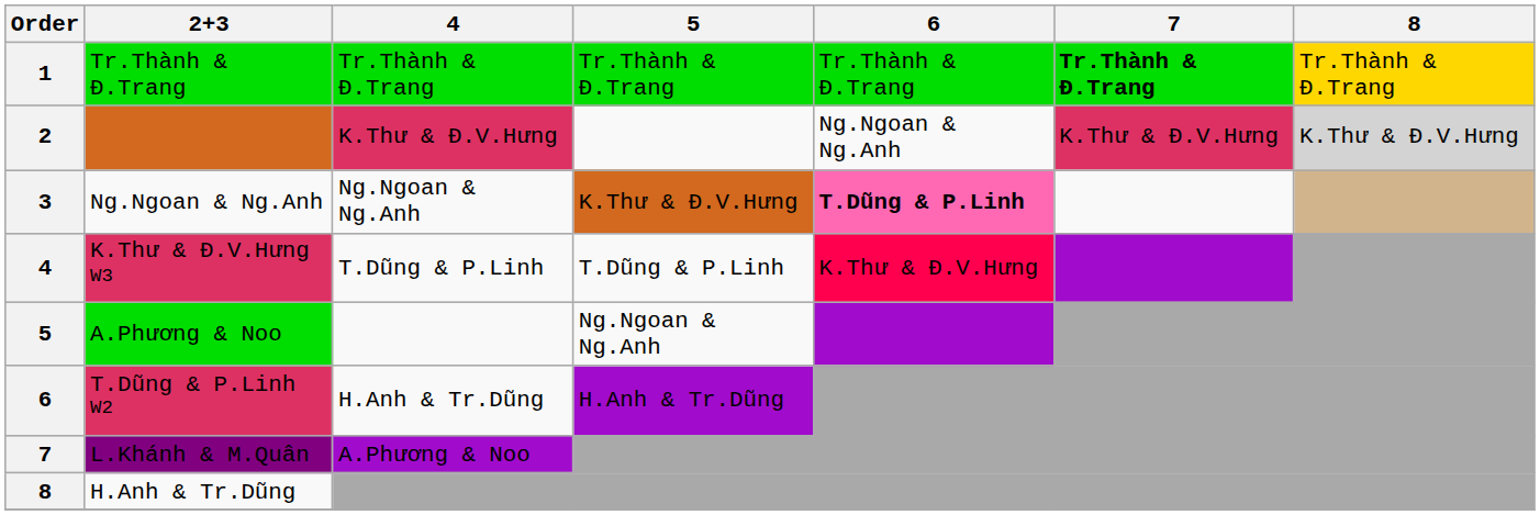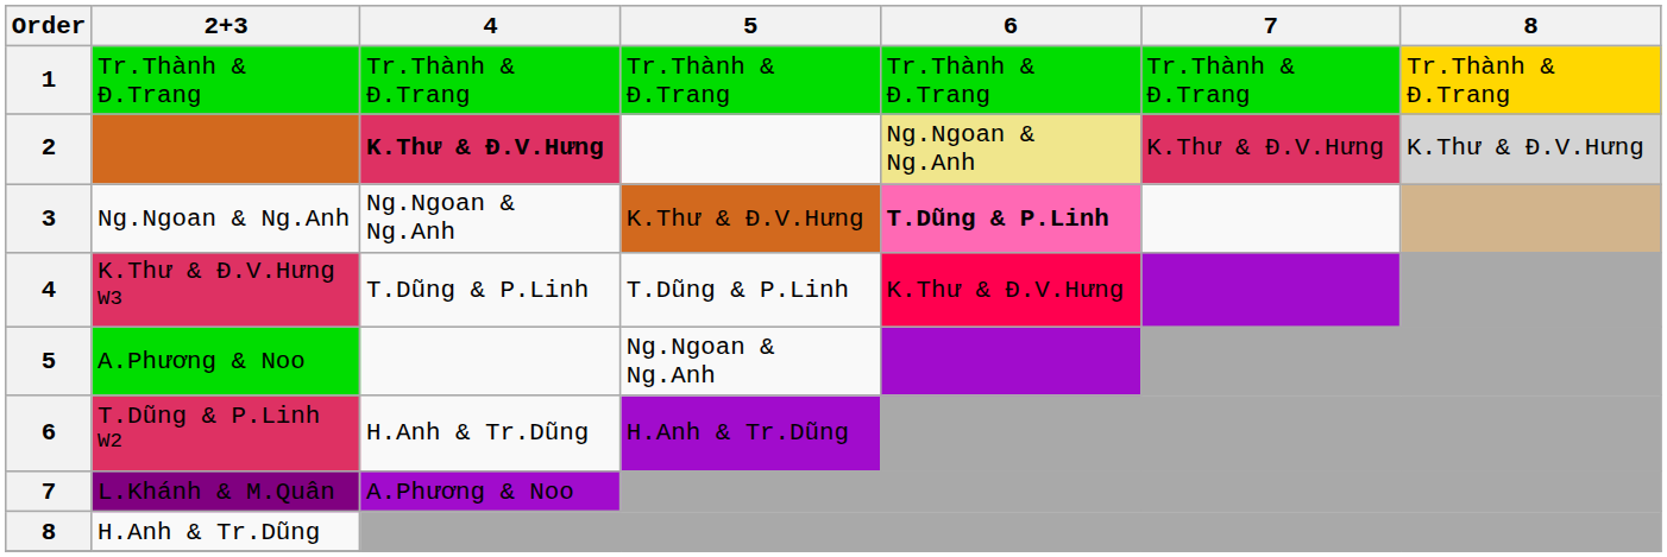 <table class="wikitable">
 <tr>
 <th>Order</th>
 <th>2+3</th>
 <th>4</th>
 <th>5</th>
 <th>6</th>
 <th>7</th>
 <th>8</th>
 </tr>
 <tr>
 <th>1</th>
 <td bgcolor="#00dd00">Tr.Thành & Đ.Trang</td>
 <td bgcolor="#00dd00">Tr.Thành & Đ.Trang</td>
 <td bgcolor="#00dd00">Tr.Thành & Đ.Trang</td>
 <td bgcolor="#00dd00">Tr.Thành & Đ.Trang</td>
-<td bgcolor="#00dd00"><strong>Tr.Thành & Đ.Trang</strong></td>
+<td bgcolor="#00dd00">Tr.Thành & Đ.Trang</td>
 <td bgcolor="gold">Tr.Thành & Đ.Trang</td>
 </tr>
 <tr>
 <th>2</th>
 <td bgcolor="chocolate"><span></span></td>
-<td bgcolor="#de3163"><span>K.Thư & Đ.V.Hưng</span></td>
+<td bgcolor="#de3163"><strong><span>K.Thư & Đ.V.Hưng</span></strong></td>
 <td></td>
-<td>Ng.Ngoan & Ng.Anh</td>
+<td style="background: khaki;">Ng.Ngoan & Ng.Anh</td>
 <td bgcolor="#de3163"><span>K.Thư & Đ.V.Hưng</span></td>
 <td bgcolor="lightgray">K.Thư & Đ.V.Hưng</td>
 </tr>
 <tr>
 <th>3</th>
 <td>Ng.Ngoan & Ng.Anh</td>
 <td>Ng.Ngoan & Ng.Anh</td>
 <td bgcolor="chocolate"><span>K.Thư & Đ.V.Hưng</span></td>
 <td bgcolor="hotpink"><strong>T.Dũng & P.Linh</strong></td>
 <td></td>
 <td bgcolor="tan"></td>
 </tr>
 <tr>
 <th>4</th>
 <td bgcolor="#de3163"><span>K.Thư & Đ.V.Hưng <sup>W3</sup></span></td>
 <td>T.Dũng & P.Linh</td>
 <td>T.Dũng & P.Linh</td>
 <td bgcolor="#FF004F"><span>K.Thư & Đ.V.Hưng</span></td>
 <td bgcolor="#a10ccc"><span></span></td>
 <td style="background:darkgray;" colspan="8"></td>
 </tr>
 <tr>
 <th>5</th>
 <td bgcolor="#00dd00">A.Phương & Noo</td>
 <td></td>
 <td>Ng.Ngoan & Ng.Anh</td>
 <td bgcolor="#a10ccc"><span></span></td>
 <td style="background:darkgray;" colspan="8"></td>
 </tr>
 <tr>
 <th>6</th>
 <td bgcolor="#de3163"><span>T.Dũng & P.Linh <sup>W2</sup></span></td>
 <td>H.Anh & Tr.Dũng</td>
 <td bgcolor="#a10ccc"><span>H.Anh & Tr.Dũng</span></td>
 <td style="background:darkgray;" colspan="8"></td>
 </tr>
 <tr>
 <th>7</th>
 <td bgcolor="purple"><span>L.Khánh & M.Quân</span></td>
 <td bgcolor="#a10ccc"><span>A.Phương & Noo</span></td>
 <td style="background:darkgray;" colspan="8"></td>
 </tr>
 <tr>
 <th>8</th>
 <td>H.Anh & Tr.Dũng</td>
 <td style="background:darkgray;" colspan="8"></td>
 </tr>
 <tr>
 </tr>
 </table>
